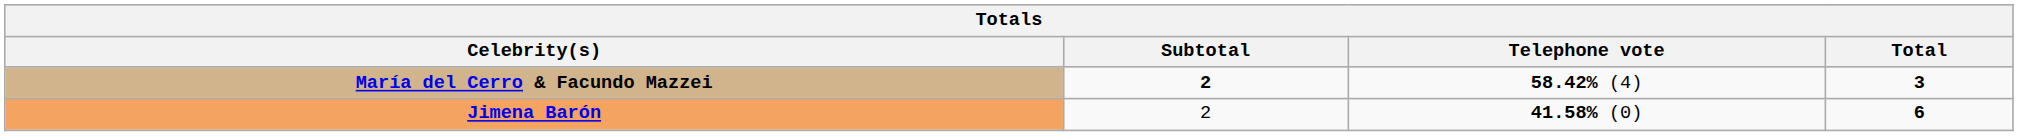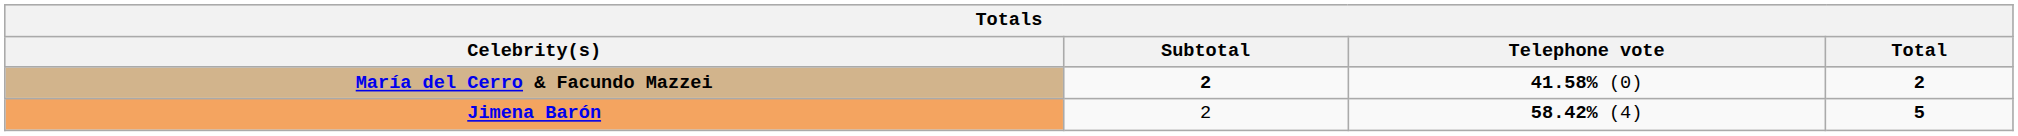 <table class="wikitable collapsible collapsed" style="font-size:90%; text-align: center; width: 100%;">
 <tr>
 <th colspan="11" style="with: 95%;" align=center>Totals</th>
 </tr>
 <tr>
 <th>Celebrity(s)</th>
 <th>Subtotal</th>
 <th>Telephone vote</th>
 <th>Total</th>
 </tr>
 <tr>
 <td bgcolor="tan"><strong><a href='#'>María del Cerro</a> & Facundo Mazzei</strong></td>
 <td><strong>2</strong></td>
-<td><strong>58.42%</strong> (4)</td>
-<td><strong>3</strong></td>
+<td><strong>41.58%</strong> (0)</td>
+<td><strong>2</strong></td>
 </tr>
 <tr>
 <td bgcolor="sandybrown"><strong><a href='#'>Jimena Barón</a></strong></td>
 <td>2</td>
-<td><strong>41.58%</strong> (0)</td>
-<td><strong>6</strong></td>
+<td><strong>58.42%</strong> (4)</td>
+<td><strong>5</strong></td>
 </tr>
 </table>
